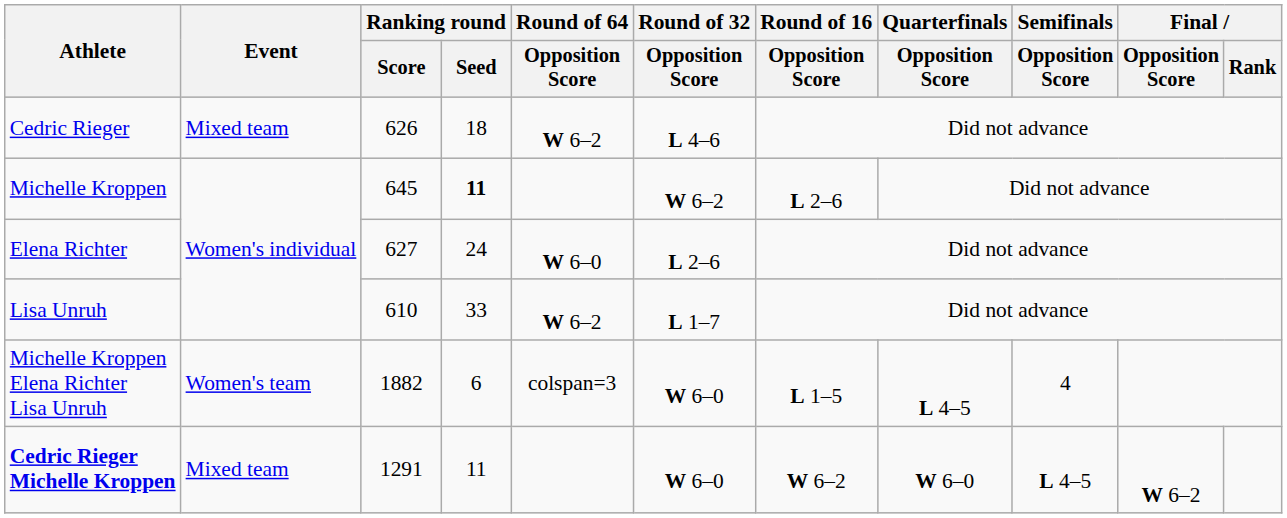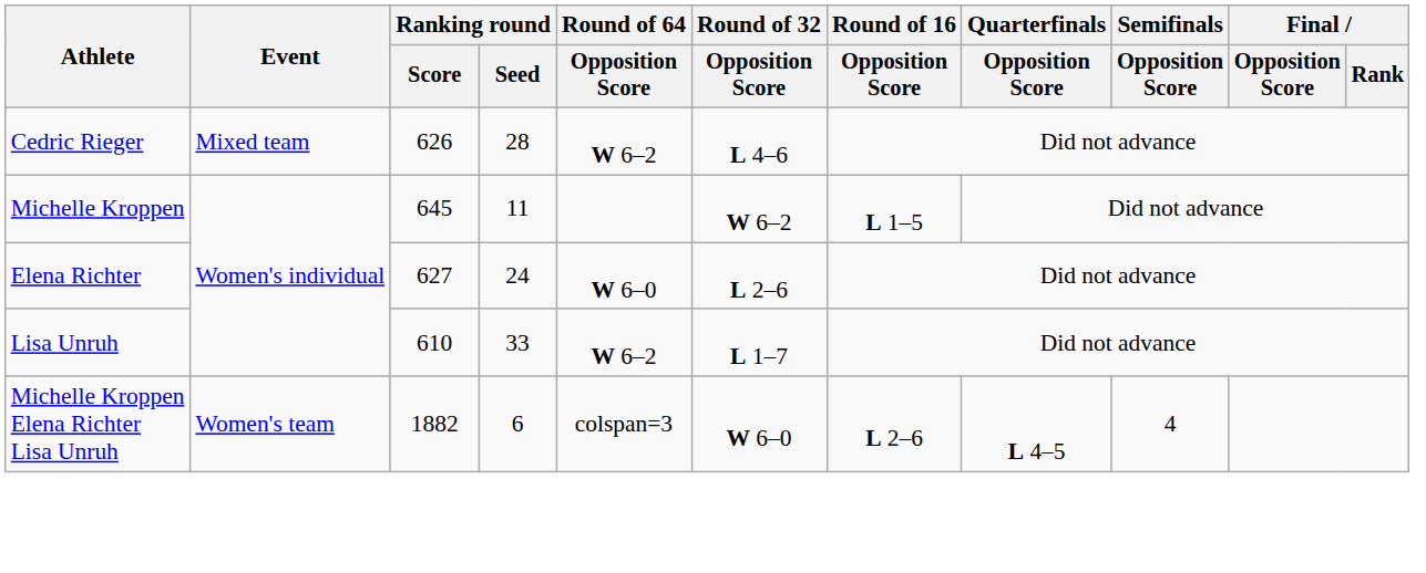 <table class="wikitable" style="text-align:center; font-size:90%">
 <tr>
 <th rowspan=2>Athlete</th>
 <th rowspan=2>Event</th>
 <th colspan=2>Ranking round</th>
 <th>Round of 64</th>
 <th>Round of 32</th>
 <th>Round of 16</th>
 <th>Quarterfinals</th>
 <th>Semifinals</th>
 <th colspan=2>Final / </th>
 </tr>
 <tr style="font-size:95%">
 <th>Score</th>
 <th>Seed</th>
 <th>Opposition<br>Score</th>
 <th>Opposition<br>Score</th>
 <th>Opposition<br>Score</th>
 <th>Opposition<br>Score</th>
 <th>Opposition<br>Score</th>
 <th>Opposition<br>Score</th>
 <th>Rank</th>
 </tr>
 <tr>
 <td align=left><a href='#'>Cedric Rieger</a></td>
 <td align=left><a href='#'>Mixed team</a></td>
 <td>626</td>
-<td>18</td>
+<td>28</td>
 <td><br> <strong>W</strong> 6–2</td>
 <td><br> <strong>L</strong> 4–6</td>
 <td colspan=5>Did not advance</td>
 </tr>
 <tr>
 <td align=left><a href='#'>Michelle Kroppen</a></td>
 <td rowspan=3 align=left><a href='#'>Women's individual</a></td>
 <td>645</td>
-<td><strong>11</strong></td>
+<td>11</td>
 <td></td>
 <td><br><strong>W</strong> 6–2</td>
-<td><br><strong>L</strong> 2–6</td>
+<td><br> <strong>L</strong> 1–5</td>
 <td colspan=4>Did not advance</td>
 </tr>
 <tr>
 <td align=left><a href='#'>Elena Richter</a></td>
 <td>627</td>
 <td>24</td>
 <td><br> <strong>W</strong> 6–0</td>
 <td><br> <strong>L</strong> 2–6</td>
 <td colspan=5>Did not advance</td>
 </tr>
 <tr>
 <td align=left><a href='#'>Lisa Unruh</a></td>
 <td>610</td>
 <td>33</td>
 <td><br> <strong>W</strong> 6–2</td>
 <td><br> <strong>L</strong> 1–7</td>
 <td colspan=5>Did not advance</td>
 </tr>
 <tr>
 <td align=left><a href='#'>Michelle Kroppen</a><br><a href='#'>Elena Richter</a><br><a href='#'>Lisa Unruh</a></td>
 <td align=left><a href='#'>Women's team</a></td>
 <td>1882</td>
 <td>6</td>
 <td>colspan=3 </td>
 <td><br> <strong>W</strong> 6–0</td>
-<td><br> <strong>L</strong> 1–5</td>
+<td><br><strong>L</strong> 2–6</td>
 <td><br><br> <strong>L</strong> 4–5</td>
 <td>4</td>
 </tr>
-<tr>
-<td align=left><strong><a href='#'>Cedric Rieger</a><br><a href='#'>Michelle Kroppen</a></strong></td>
-<td align=left><a href='#'>Mixed team</a></td>
-<td>1291</td>
-<td>11</td>
-<td></td>
-<td><br> <strong>W</strong> 6–0</td>
-<td><br> <strong>W</strong> 6–2</td>
-<td><br> <strong>W</strong> 6–0</td>
-<td><br> <strong>L</strong> 4–5</td>
-<td><br><br><strong>W</strong> 6–2</td>
-<td></td>
-</tr>
 </table>
